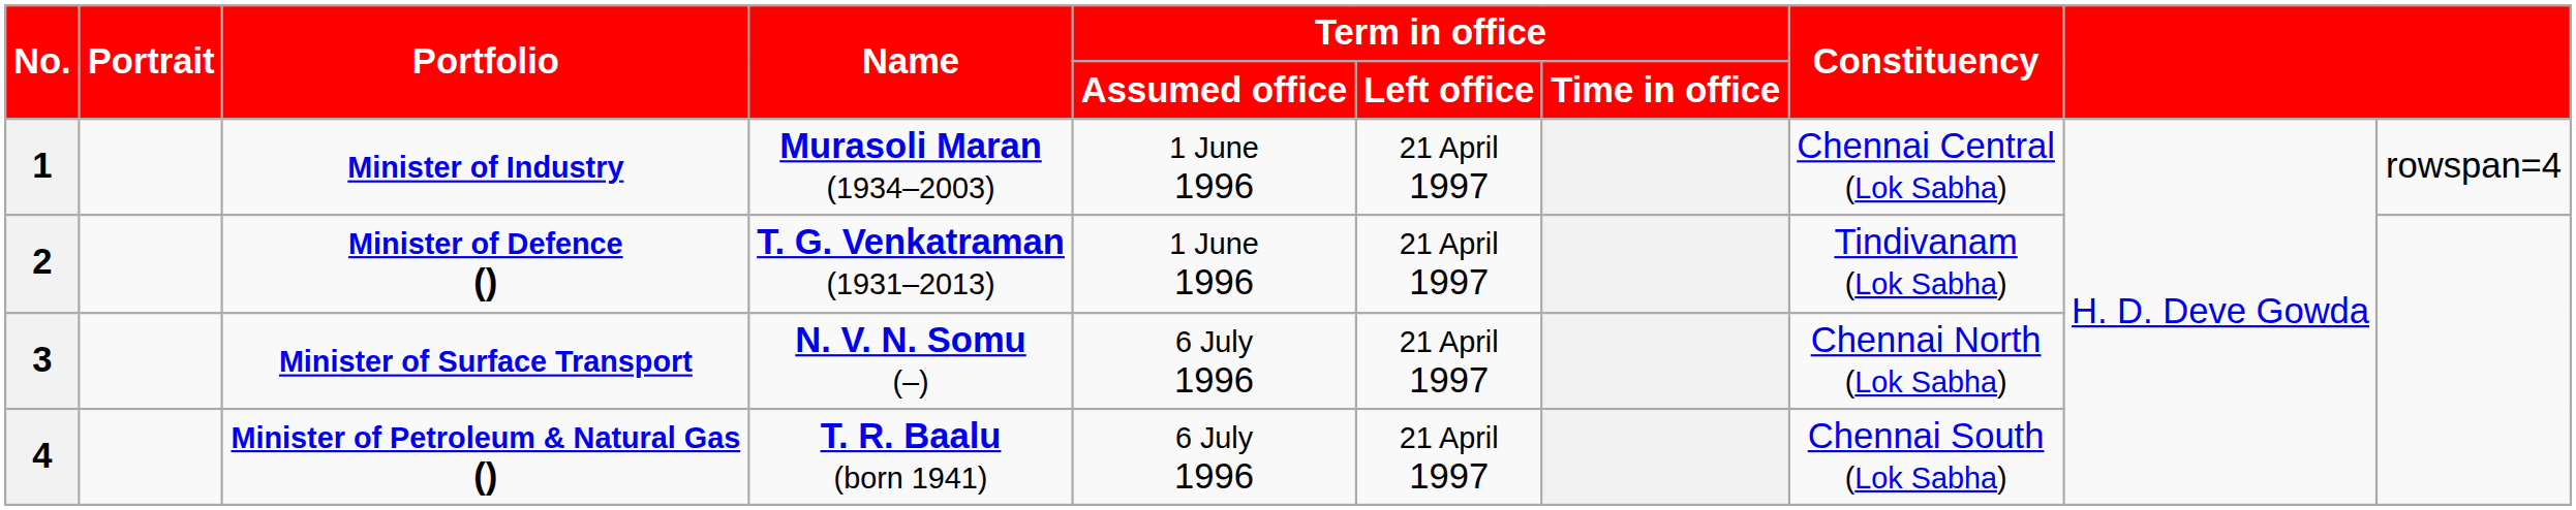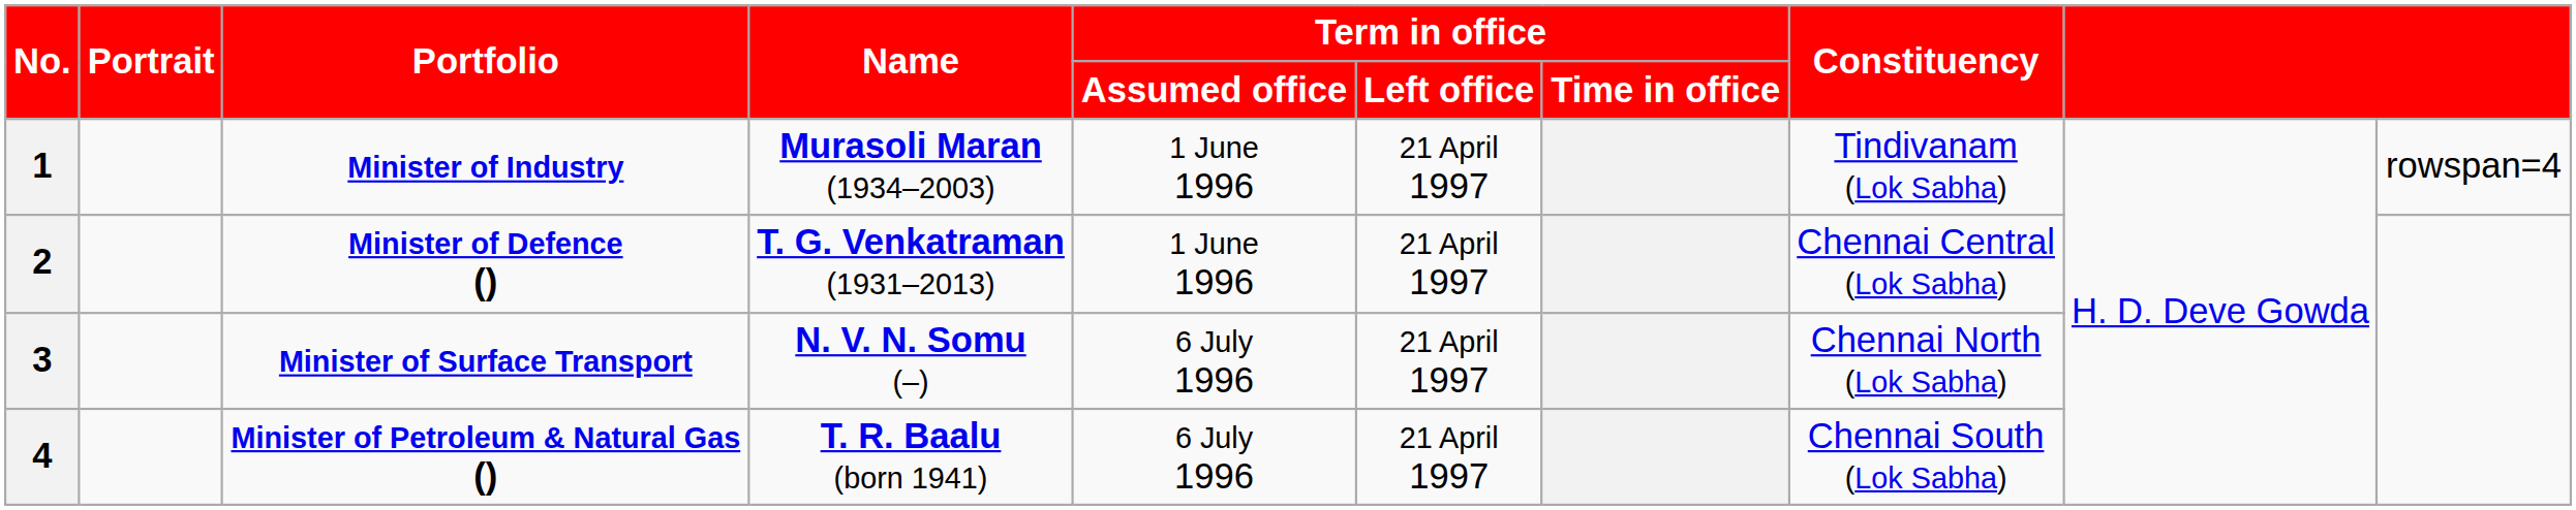 <table class="wikitable sortable" style="text-align:center;">
 <tr>
 <th rowspan=2 style="background-color:#ff0000;color:white">No.</th>
 <th rowspan=2 style="background-color:#ff0000;color:white">Portrait</th>
 <th rowspan=2 style="background-color:#ff0000;color:white">Portfolio</th>
 <th rowspan=2 style="background-color:#ff0000;color:white">Name<br></th>
 <th colspan=3 style="background-color:#ff0000;color:white">Term in office</th>
 <th rowspan=2 style="background-color:#ff0000;color:white">Constituency<br></th>
 <th rowspan=2 colspan=2 style="background-color:#ff0000;color:white"><a href='#'></a></th>
 </tr>
 <tr>
 <th style="background-color:#ff0000;color:white">Assumed office</th>
 <th style="background-color:#ff0000;color:white">Left office</th>
 <th style="background-color:#ff0000;color:white">Time in office</th>
 </tr>
 <tr>
 <th>1</th>
 <td></td>
 <td><strong><small><a href='#'>Minister of Industry</a></small></strong></td>
 <td><strong><a href='#'>Murasoli Maran</a></strong><br><small>(1934–2003)</small></td>
 <td><small>1 June</small><br> 1996</td>
 <td><small>21 April</small><br>1997</td>
 <th><strong></strong></th>
-<td><a href='#'>Chennai Central</a><br><small>(<a href='#'>Lok Sabha</a>)</small></td>
+<td><a href='#'>Tindivanam</a><br><small>(<a href='#'>Lok Sabha</a>)</small></td>
 <td rowspan=4><a href='#'>H. D. Deve Gowda</a></td>
 <td>rowspan=4 </td>
 </tr>
 <tr>
 <th>2</th>
 <td></td>
 <td><strong><small><a href='#'>Minister of Defence</a></small></strong><br><strong>()</strong></td>
 <td><strong><a href='#'>T. G. Venkatraman</a></strong><br><small>(1931–2013)</small></td>
 <td><small>1 June</small><br> 1996</td>
 <td><small>21 April</small><br>1997</td>
 <th><strong></strong></th>
-<td><a href='#'>Tindivanam</a><br><small>(<a href='#'>Lok Sabha</a>)</small></td>
+<td><a href='#'>Chennai Central</a><br><small>(<a href='#'>Lok Sabha</a>)</small></td>
 </tr>
 <tr>
 <th>3</th>
 <td></td>
 <td><strong><small><a href='#'>Minister of Surface Transport</a></small></strong></td>
 <td><strong><a href='#'>N. V. N. Somu</a></strong><br><small>(–)</small></td>
 <td><small>6 July</small><br> 1996</td>
 <td><small>21 April</small><br>1997</td>
 <th><strong></strong></th>
 <td><a href='#'>Chennai North</a><br><small>(<a href='#'>Lok Sabha</a>)</small></td>
 </tr>
 <tr>
 <th>4</th>
 <td></td>
 <td><strong><small><a href='#'>Minister of Petroleum & Natural Gas</a></small></strong><br><strong>()</strong></td>
 <td><strong><a href='#'>T. R. Baalu</a></strong><br><small>(born 1941)</small></td>
 <td><small>6 July</small><br> 1996</td>
 <td><small>21 April</small><br>1997</td>
 <th><strong></strong></th>
 <td><a href='#'>Chennai South</a><br><small>(<a href='#'>Lok Sabha</a>)</small></td>
 </tr>
 </table>
